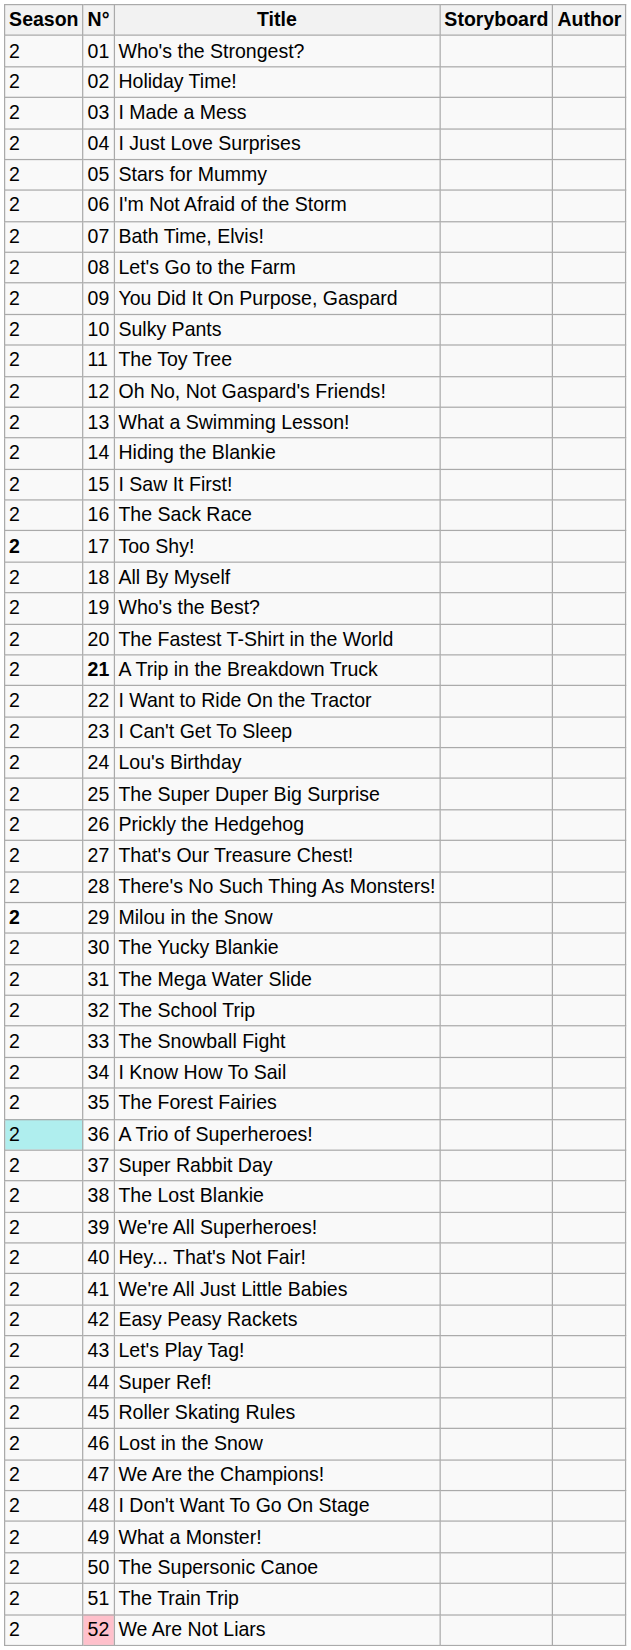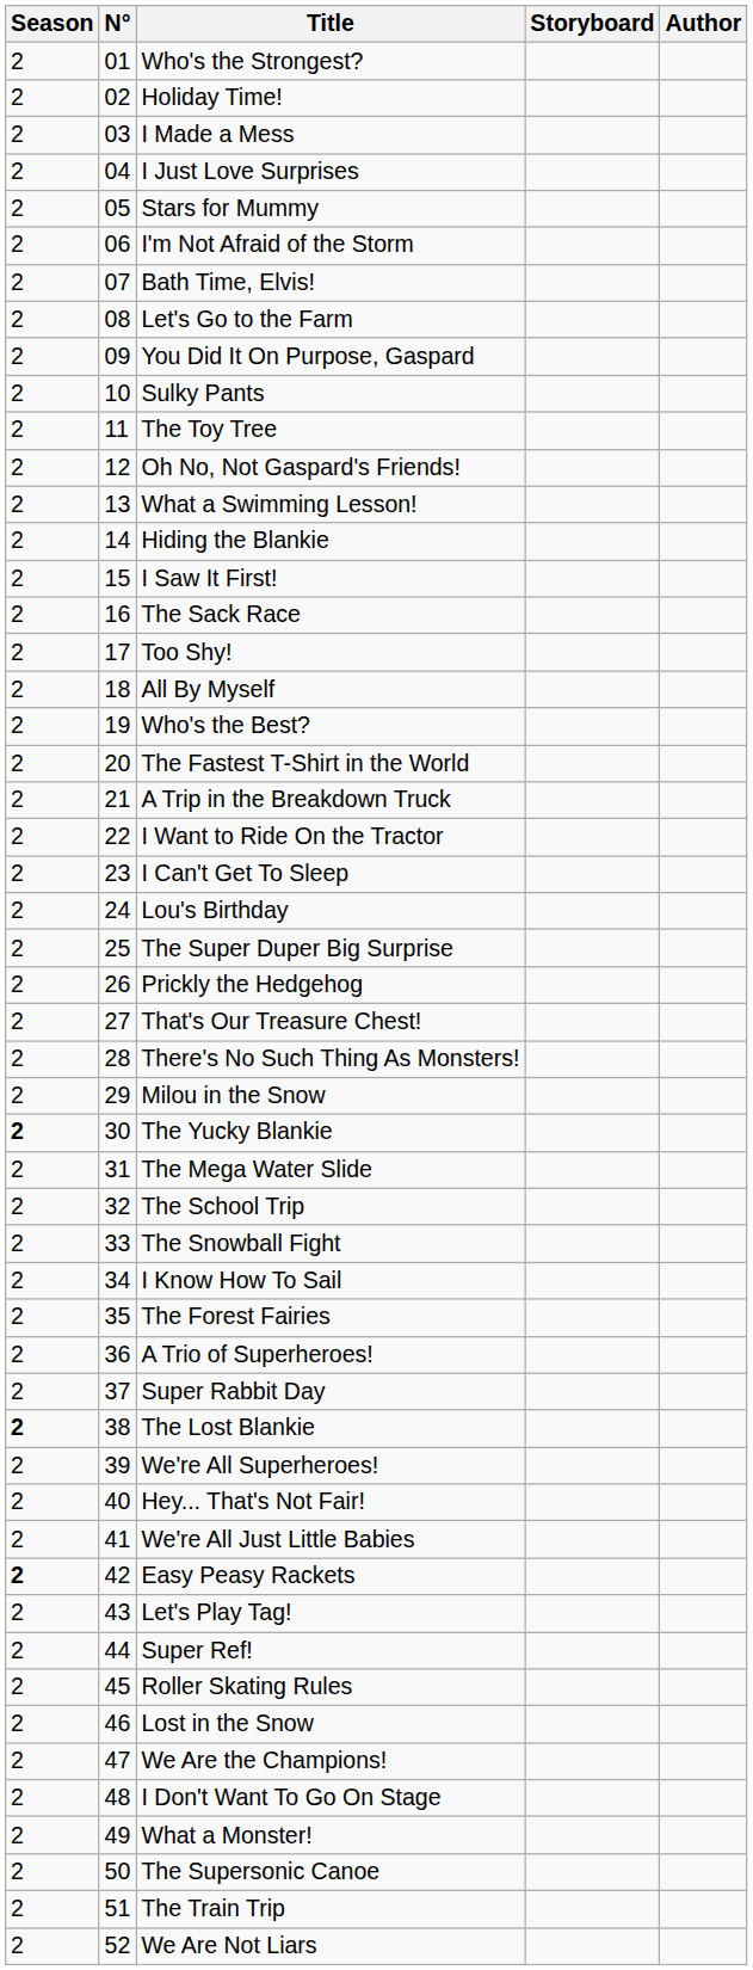 <table class="wikitable sortable">
 <tr>
 <th>Season</th>
 <th>N°</th>
 <th>Title</th>
 <th>Storyboard</th>
 <th>Author</th>
 </tr>
 <tr>
 <td>2</td>
 <td>01</td>
 <td>Who's the Strongest?</td>
 <td></td>
 <td></td>
 </tr>
 <tr>
 <td>2</td>
 <td>02</td>
 <td>Holiday Time!</td>
 <td></td>
 <td></td>
 </tr>
 <tr>
 <td>2</td>
 <td>03</td>
 <td>I Made a Mess</td>
 <td></td>
 <td></td>
 </tr>
 <tr>
 <td>2</td>
 <td>04</td>
 <td>I Just Love Surprises</td>
 <td></td>
 <td></td>
 </tr>
 <tr>
 <td>2</td>
 <td>05</td>
 <td>Stars for Mummy</td>
 <td></td>
 <td></td>
 </tr>
 <tr>
 <td>2</td>
 <td>06</td>
 <td>I'm Not Afraid of the Storm</td>
 <td></td>
 <td></td>
 </tr>
 <tr>
 <td>2</td>
 <td>07</td>
 <td>Bath Time, Elvis!</td>
 <td></td>
 <td></td>
 </tr>
 <tr>
 <td>2</td>
 <td>08</td>
 <td>Let's Go to the Farm</td>
 <td></td>
 <td></td>
 </tr>
 <tr>
 <td>2</td>
 <td>09</td>
 <td>You Did It On Purpose, Gaspard</td>
 <td></td>
 <td></td>
 </tr>
 <tr>
 <td>2</td>
 <td>10</td>
 <td>Sulky Pants</td>
 <td></td>
 <td></td>
 </tr>
 <tr>
 <td>2</td>
 <td>11</td>
 <td>The Toy Tree</td>
 <td></td>
 <td></td>
 </tr>
 <tr>
 <td>2</td>
 <td>12</td>
 <td>Oh No, Not Gaspard's Friends!</td>
 <td></td>
 <td></td>
 </tr>
 <tr>
 <td>2</td>
 <td>13</td>
 <td>What a Swimming Lesson!</td>
 <td></td>
 <td></td>
 </tr>
 <tr>
 <td>2</td>
 <td>14</td>
 <td>Hiding the Blankie</td>
 <td></td>
 <td></td>
 </tr>
 <tr>
 <td>2</td>
 <td>15</td>
 <td>I Saw It First!</td>
 <td></td>
 <td></td>
 </tr>
 <tr>
 <td>2</td>
 <td>16</td>
 <td>The Sack Race</td>
 <td></td>
 <td></td>
 </tr>
 <tr>
-<td><strong>2</strong></td>
+<td>2</td>
 <td>17</td>
 <td>Too Shy!</td>
 <td></td>
 <td></td>
 </tr>
 <tr>
 <td>2</td>
 <td>18</td>
 <td>All By Myself</td>
 <td></td>
 <td></td>
 </tr>
 <tr>
 <td>2</td>
 <td>19</td>
 <td>Who's the Best?</td>
 <td></td>
 <td></td>
 </tr>
 <tr>
 <td>2</td>
 <td>20</td>
 <td>The Fastest T-Shirt in the World</td>
 <td></td>
 <td></td>
 </tr>
 <tr>
 <td>2</td>
-<td><strong>21</strong></td>
+<td>21</td>
 <td>A Trip in the Breakdown Truck</td>
 <td></td>
 <td></td>
 </tr>
 <tr>
 <td>2</td>
 <td>22</td>
 <td>I Want to Ride On the Tractor</td>
 <td></td>
 <td></td>
 </tr>
 <tr>
 <td>2</td>
 <td>23</td>
 <td>I Can't Get To Sleep</td>
 <td></td>
 <td></td>
 </tr>
 <tr>
 <td>2</td>
 <td>24</td>
 <td>Lou's Birthday</td>
 <td></td>
 <td></td>
 </tr>
 <tr>
 <td>2</td>
 <td>25</td>
 <td>The Super Duper Big Surprise</td>
 <td></td>
 <td></td>
 </tr>
 <tr>
 <td>2</td>
 <td>26</td>
 <td>Prickly the Hedgehog</td>
 <td></td>
 <td></td>
 </tr>
 <tr>
 <td>2</td>
 <td>27</td>
 <td>That's Our Treasure Chest!</td>
 <td></td>
 <td></td>
 </tr>
 <tr>
 <td>2</td>
 <td>28</td>
 <td>There's No Such Thing As Monsters!</td>
 <td></td>
 <td></td>
 </tr>
 <tr>
-<td><strong>2</strong></td>
+<td>2</td>
 <td>29</td>
 <td>Milou in the Snow</td>
 <td></td>
 <td></td>
 </tr>
 <tr>
-<td>2</td>
+<td><strong>2</strong></td>
 <td>30</td>
 <td>The Yucky Blankie</td>
 <td></td>
 <td></td>
 </tr>
 <tr>
 <td>2</td>
 <td>31</td>
 <td>The Mega Water Slide</td>
 <td></td>
 <td></td>
 </tr>
 <tr>
 <td>2</td>
 <td>32</td>
 <td>The School Trip</td>
 <td></td>
 <td></td>
 </tr>
 <tr>
 <td>2</td>
 <td>33</td>
 <td>The Snowball Fight</td>
 <td></td>
 <td></td>
 </tr>
 <tr>
 <td>2</td>
 <td>34</td>
 <td>I Know How To Sail</td>
 <td></td>
 <td></td>
 </tr>
 <tr>
 <td>2</td>
 <td>35</td>
 <td>The Forest Fairies</td>
 <td></td>
 <td></td>
 </tr>
 <tr>
-<td style="background: paleturquoise;">2</td>
+<td>2</td>
 <td>36</td>
 <td>A Trio of Superheroes!</td>
 <td></td>
 <td></td>
 </tr>
 <tr>
 <td>2</td>
 <td>37</td>
 <td>Super Rabbit Day</td>
 <td></td>
 <td></td>
 </tr>
 <tr>
-<td>2</td>
+<td><strong>2</strong></td>
 <td>38</td>
 <td>The Lost Blankie</td>
 <td></td>
 <td></td>
 </tr>
 <tr>
 <td>2</td>
 <td>39</td>
 <td>We're All Superheroes!</td>
 <td></td>
 <td></td>
 </tr>
 <tr>
 <td>2</td>
 <td>40</td>
 <td>Hey... That's Not Fair!</td>
 <td></td>
 <td></td>
 </tr>
 <tr>
 <td>2</td>
 <td>41</td>
 <td>We're All Just Little Babies</td>
 <td></td>
 <td></td>
 </tr>
 <tr>
-<td>2</td>
+<td><strong>2</strong></td>
 <td>42</td>
 <td>Easy Peasy Rackets</td>
 <td></td>
 <td></td>
 </tr>
 <tr>
 <td>2</td>
 <td>43</td>
 <td>Let's Play Tag!</td>
 <td></td>
 <td></td>
 </tr>
 <tr>
 <td>2</td>
 <td>44</td>
 <td>Super Ref!</td>
 <td></td>
 <td></td>
 </tr>
 <tr>
 <td>2</td>
 <td>45</td>
 <td>Roller Skating Rules</td>
 <td></td>
 <td></td>
 </tr>
 <tr>
 <td>2</td>
 <td>46</td>
 <td>Lost in the Snow</td>
 <td></td>
 <td></td>
 </tr>
 <tr>
 <td>2</td>
 <td>47</td>
 <td>We Are the Champions!</td>
 <td></td>
 <td></td>
 </tr>
 <tr>
 <td>2</td>
 <td>48</td>
 <td>I Don't Want To Go On Stage</td>
 <td></td>
 <td></td>
 </tr>
 <tr>
 <td>2</td>
 <td>49</td>
 <td>What a Monster!</td>
 <td></td>
 <td></td>
 </tr>
 <tr>
 <td>2</td>
 <td>50</td>
 <td>The Supersonic Canoe</td>
 <td></td>
 <td></td>
 </tr>
 <tr>
 <td>2</td>
 <td>51</td>
 <td>The Train Trip</td>
 <td></td>
 <td></td>
 </tr>
 <tr>
 <td>2</td>
-<td style="background: pink;">52</td>
+<td>52</td>
 <td>We Are Not Liars</td>
 <td></td>
 <td></td>
 </tr>
 </table>
